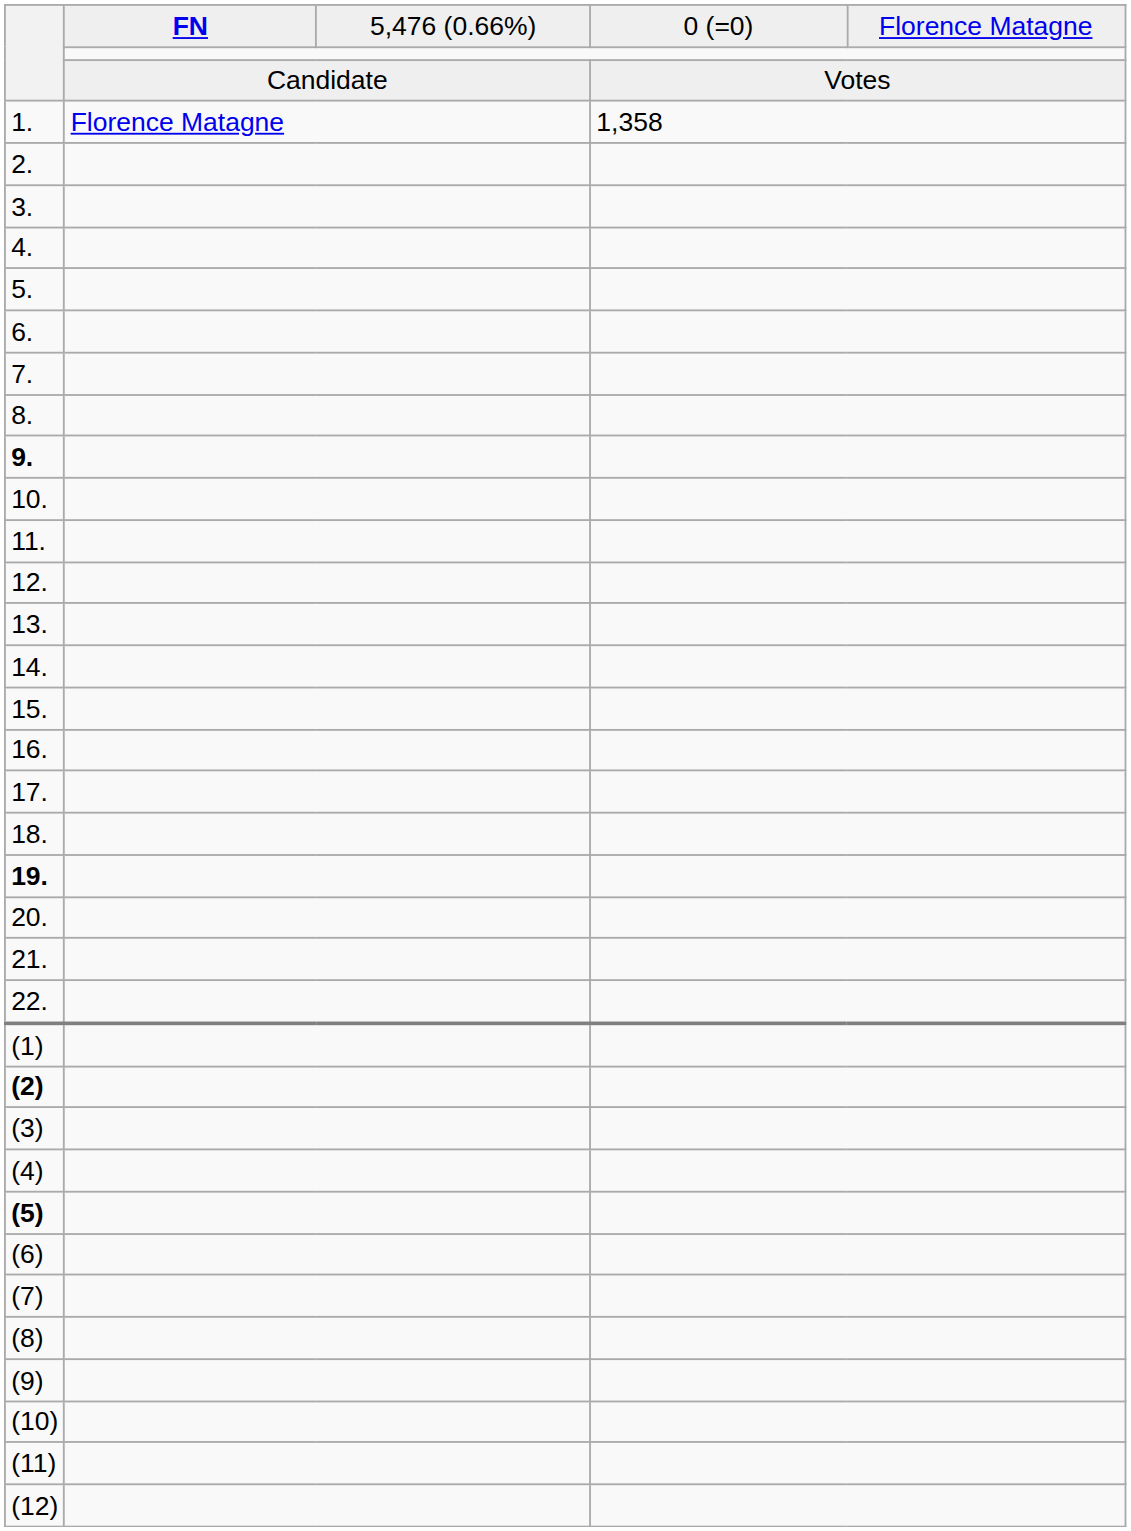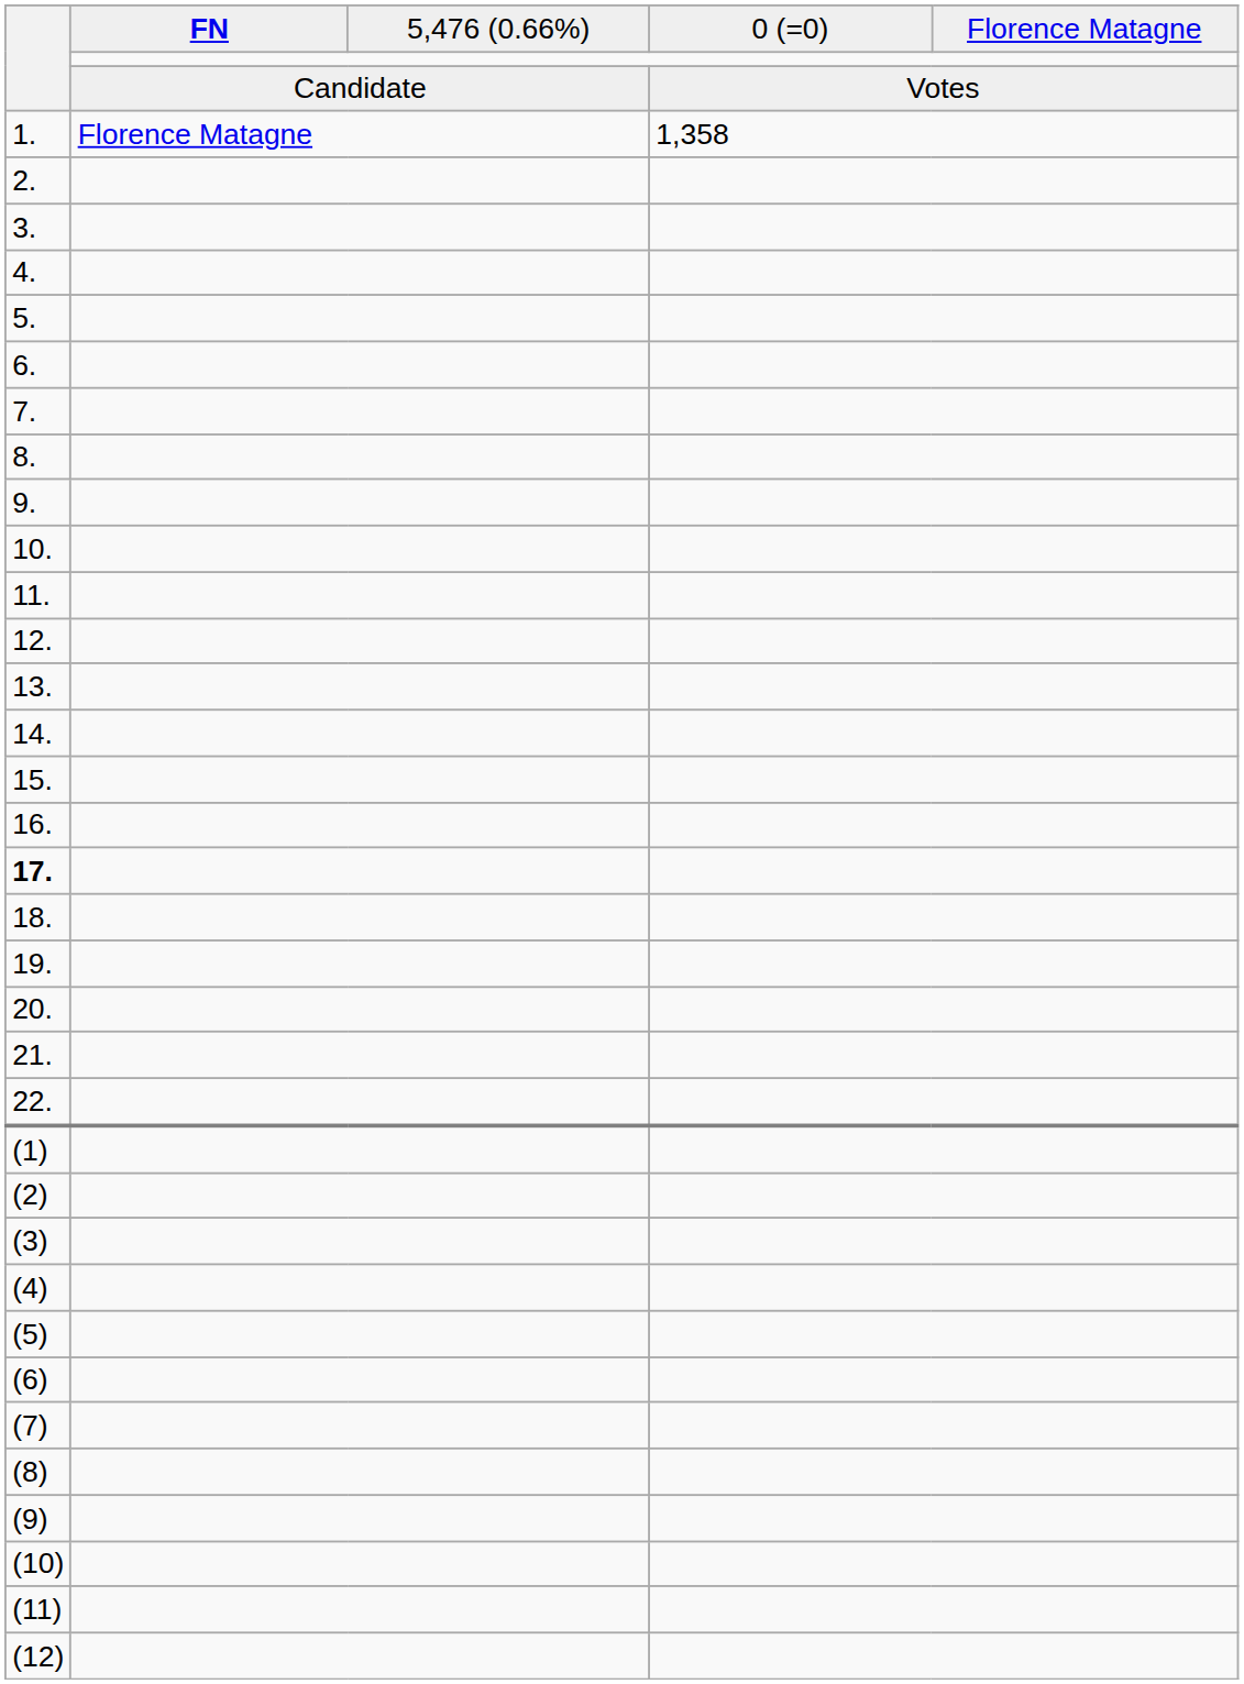 <table class="wikitable collapsible collapsed" style=text-align:left;font-size:90%>
 <tr>
 <th rowspan=3></th>
 <td bgcolor=efefef width=200 align=center><strong> <a href='#'>FN</a></strong></td>
 <td bgcolor=efefef width=200 align=center>5,476 (0.66%)</td>
 <td bgcolor=efefef width=200 align=center>0 (=0)</td>
 <td bgcolor=efefef width=200 align=center><a href='#'>Florence Matagne</a></td>
 </tr>
 <tr>
 <td colspan=4 bgcolor=></td>
 </tr>
 <tr>
 <td bgcolor=efefef align=center colspan=2>Candidate</td>
 <td bgcolor=efefef align=center colspan=2>Votes</td>
 </tr>
 <tr>
 <td>1.</td>
 <td colspan=2><a href='#'>Florence Matagne</a></td>
 <td colspan=2>1,358</td>
 </tr>
 <tr>
 <td>2.</td>
 <td colspan=2></td>
 <td colspan=2></td>
 </tr>
 <tr>
 <td>3.</td>
 <td colspan=2></td>
 <td colspan=2></td>
 </tr>
 <tr>
 <td>4.</td>
 <td colspan=2></td>
 <td colspan=2></td>
 </tr>
 <tr>
 <td>5.</td>
 <td colspan=2></td>
 <td colspan=2></td>
 </tr>
 <tr>
 <td>6.</td>
 <td colspan=2></td>
 <td colspan=2></td>
 </tr>
 <tr>
 <td>7.</td>
 <td colspan=2></td>
 <td colspan=2></td>
 </tr>
 <tr>
 <td>8.</td>
 <td colspan=2></td>
 <td colspan=2></td>
 </tr>
 <tr>
-<td><strong>9.</strong></td>
+<td>9.</td>
 <td colspan=2></td>
 <td colspan=2></td>
 </tr>
 <tr>
 <td>10.</td>
 <td colspan=2></td>
 <td colspan=2></td>
 </tr>
 <tr>
 <td>11.</td>
 <td colspan=2></td>
 <td colspan=2></td>
 </tr>
 <tr>
 <td>12.</td>
 <td colspan=2></td>
 <td colspan=2></td>
 </tr>
 <tr>
 <td>13.</td>
 <td colspan=2></td>
 <td colspan=2></td>
 </tr>
 <tr>
 <td>14.</td>
 <td colspan=2></td>
 <td colspan=2></td>
 </tr>
 <tr>
 <td>15.</td>
 <td colspan=2></td>
 <td colspan=2></td>
 </tr>
 <tr>
 <td>16.</td>
 <td colspan=2></td>
 <td colspan=2></td>
 </tr>
 <tr>
-<td>17.</td>
+<td><strong>17.</strong></td>
 <td colspan=2></td>
 <td colspan=2></td>
 </tr>
 <tr>
 <td>18.</td>
 <td colspan=2></td>
 <td colspan=2></td>
 </tr>
 <tr>
-<td><strong>19.</strong></td>
+<td>19.</td>
 <td colspan=2></td>
 <td colspan=2></td>
 </tr>
 <tr>
 <td>20.</td>
 <td colspan=2></td>
 <td colspan=2></td>
 </tr>
 <tr>
 <td>21.</td>
 <td colspan=2></td>
 <td colspan=2></td>
 </tr>
 <tr>
 <td>22.</td>
 <td colspan=2></td>
 <td colspan=2></td>
 </tr>
 <tr style="border-top:2px solid gray;">
 <td>(1)</td>
 <td colspan=2></td>
 <td colspan=2></td>
 </tr>
 <tr>
-<td><strong>(2)</strong></td>
+<td>(2)</td>
 <td colspan=2></td>
 <td colspan=2></td>
 </tr>
 <tr>
 <td>(3)</td>
 <td colspan=2></td>
 <td colspan=2></td>
 </tr>
 <tr>
 <td>(4)</td>
 <td colspan=2></td>
 <td colspan=2></td>
 </tr>
 <tr>
-<td><strong>(5)</strong></td>
+<td>(5)</td>
 <td colspan=2></td>
 <td colspan=2></td>
 </tr>
 <tr>
 <td>(6)</td>
 <td colspan=2></td>
 <td colspan=2></td>
 </tr>
 <tr>
 <td>(7)</td>
 <td colspan=2></td>
 <td colspan=2></td>
 </tr>
 <tr>
 <td>(8)</td>
 <td colspan=2></td>
 <td colspan=2></td>
 </tr>
 <tr>
 <td>(9)</td>
 <td colspan=2></td>
 <td colspan=2></td>
 </tr>
 <tr>
 <td>(10)</td>
 <td colspan=2></td>
 <td colspan=2></td>
 </tr>
 <tr>
 <td>(11)</td>
 <td colspan=2></td>
 <td colspan=2></td>
 </tr>
 <tr>
 <td>(12)</td>
 <td colspan=2></td>
 <td colspan=2></td>
 </tr>
 </table>
